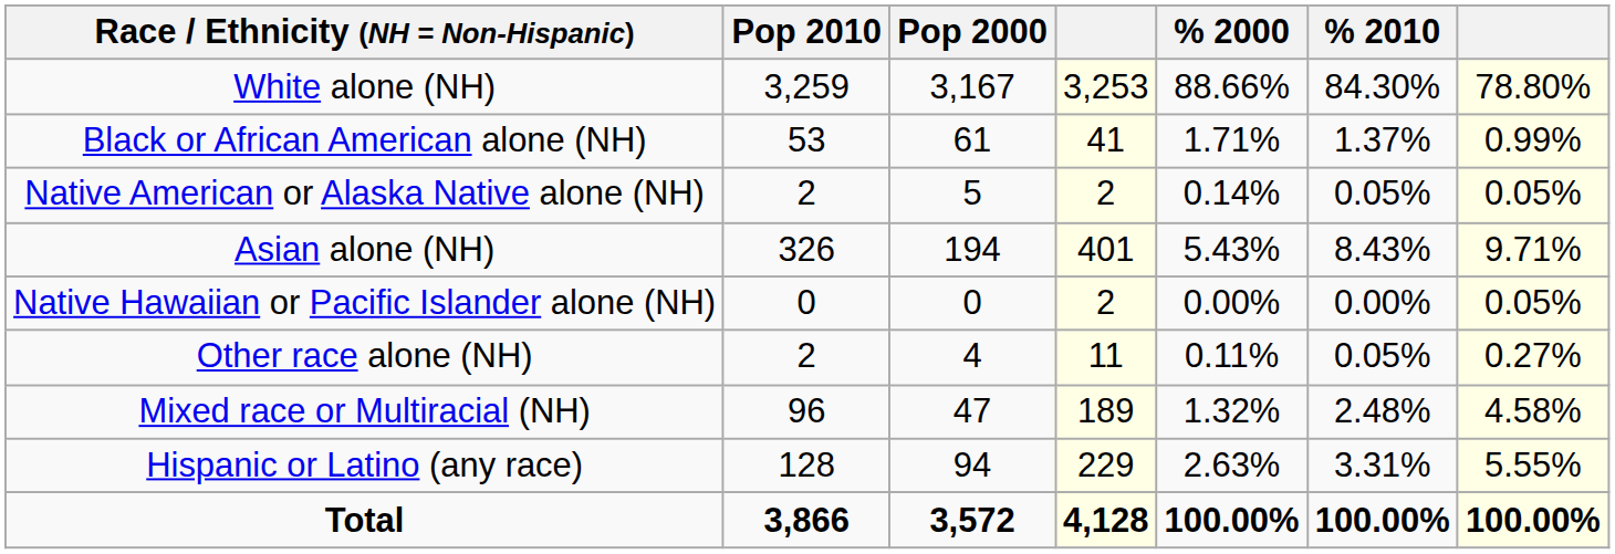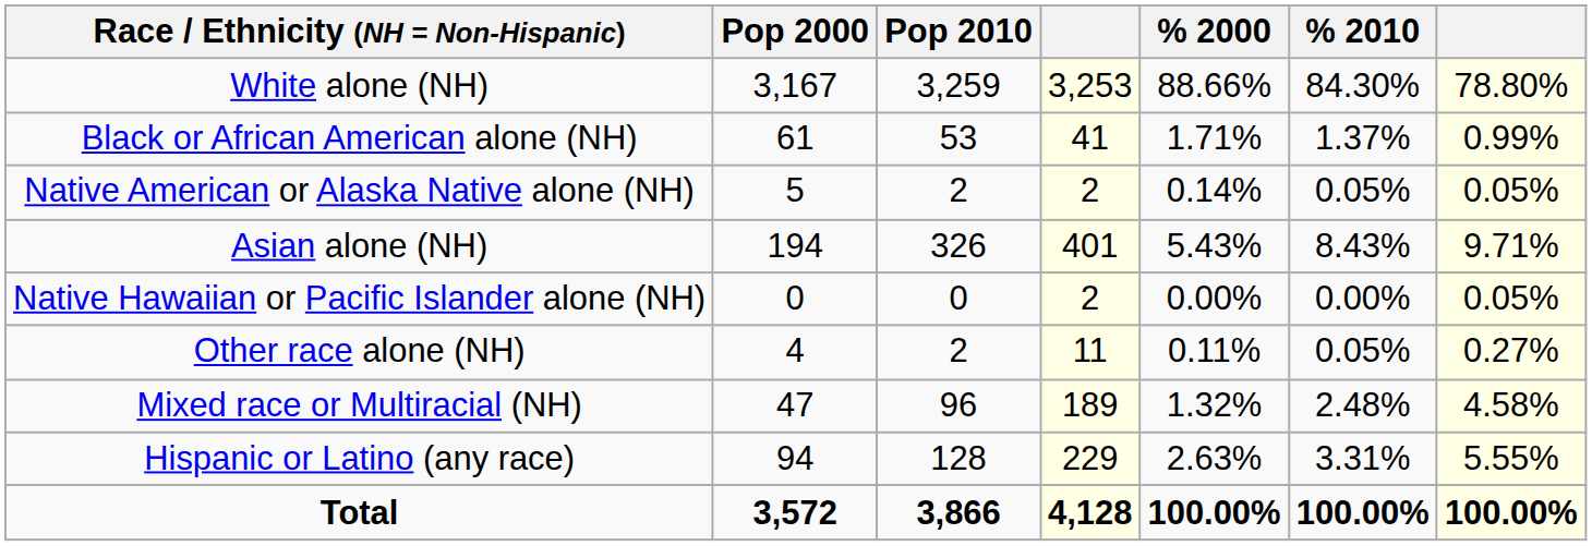 <table class="wikitable" style="text-align:center;">
 <tr>
 <th>Race / Ethnicity <small>(<em>NH = Non-Hispanic</em>)</small></th>
+<th>Pop 2000</th>
 <th>Pop 2010</th>
-<th>Pop 2000</th>
 <th></th>
 <th>% 2000</th>
 <th>% 2010</th>
 <th></th>
 </tr>
 <tr>
 <td><a href='#'>White</a> alone (NH)</td>
+<td>3,167</td>
 <td>3,259</td>
-<td>3,167</td>
 <td style='background: #ffffe6;'>3,253</td>
 <td>88.66%</td>
 <td>84.30%</td>
 <td style='background: #ffffe6;'>78.80%</td>
 </tr>
 <tr>
 <td><a href='#'>Black or African American</a> alone (NH)</td>
+<td>61</td>
 <td>53</td>
-<td>61</td>
 <td style='background: #ffffe6;'>41</td>
 <td>1.71%</td>
 <td>1.37%</td>
 <td style='background: #ffffe6;'>0.99%</td>
 </tr>
 <tr>
 <td><a href='#'>Native American</a> or <a href='#'>Alaska Native</a> alone (NH)</td>
+<td>5</td>
 <td>2</td>
-<td>5</td>
 <td style='background: #ffffe6;'>2</td>
 <td>0.14%</td>
 <td>0.05%</td>
 <td style='background: #ffffe6;'>0.05%</td>
 </tr>
 <tr>
 <td><a href='#'>Asian</a> alone (NH)</td>
+<td>194</td>
 <td>326</td>
-<td>194</td>
 <td style='background: #ffffe6;'>401</td>
 <td>5.43%</td>
 <td>8.43%</td>
 <td style='background: #ffffe6;'>9.71%</td>
 </tr>
 <tr>
 <td><a href='#'>Native Hawaiian</a> or <a href='#'>Pacific Islander</a> alone (NH)</td>
 <td>0</td>
 <td>0</td>
 <td style='background: #ffffe6;'>2</td>
 <td>0.00%</td>
 <td>0.00%</td>
 <td style='background: #ffffe6;'>0.05%</td>
 </tr>
 <tr>
 <td><a href='#'>Other race</a> alone (NH)</td>
+<td>4</td>
 <td>2</td>
-<td>4</td>
 <td style='background: #ffffe6;'>11</td>
 <td>0.11%</td>
 <td>0.05%</td>
 <td style='background: #ffffe6;'>0.27%</td>
 </tr>
 <tr>
 <td><a href='#'>Mixed race or Multiracial</a> (NH)</td>
+<td>47</td>
 <td>96</td>
-<td>47</td>
 <td style='background: #ffffe6;'>189</td>
 <td>1.32%</td>
 <td>2.48%</td>
 <td style='background: #ffffe6;'>4.58%</td>
 </tr>
 <tr>
 <td><a href='#'>Hispanic or Latino</a> (any race)</td>
+<td>94</td>
 <td>128</td>
-<td>94</td>
 <td style='background: #ffffe6;'>229</td>
 <td>2.63%</td>
 <td>3.31%</td>
 <td style='background: #ffffe6;'>5.55%</td>
 </tr>
 <tr>
 <td><strong>Total</strong></td>
+<td><strong>3,572</strong></td>
 <td><strong>3,866</strong></td>
-<td><strong>3,572</strong></td>
 <td style='background: #ffffe6;'><strong>4,128</strong></td>
 <td><strong>100.00%</strong></td>
 <td><strong>100.00%</strong></td>
 <td style='background: #ffffe6;'><strong>100.00%</strong></td>
 </tr>
 </table>
